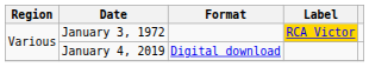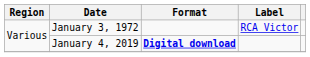 <table class="wikitable plainrowheaders">
 <tr>
 <th scope="col">Region</th>
 <th scope="col">Date</th>
 <th scope="col">Format</th>
 <th scope="col">Label</th>
 <th scope="col"></th>
 </tr>
 <tr>
 <td rowspan = "2">Various</td>
 <td>January 3, 1972</td>
 <td></td>
-<td style="background: gold;"><a href='#'>RCA Victor</a></td>
+<td><a href='#'>RCA Victor</a></td>
 <td></td>
 </tr>
 <tr>
 <td>January 4, 2019</td>
-<td><a href='#'>Digital download</a></td>
+<td><strong><a href='#'>Digital download</a></strong></td>
 <td></td>
 <td></td>
 </tr>
 <tr>
 </tr>
 </table>
